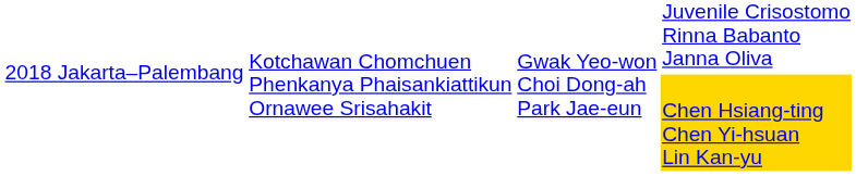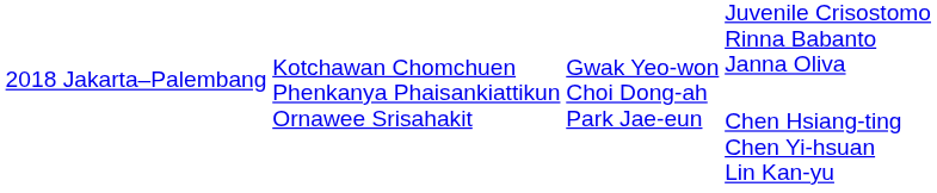 <table>
 <tr>
 <td rowspan=2><a href='#'>2018 Jakarta–Palembang</a></td>
 <td rowspan=2><br><a href='#'>Kotchawan Chomchuen</a><br><a href='#'>Phenkanya Phaisankiattikun</a><br><a href='#'>Ornawee Srisahakit</a></td>
 <td rowspan=2><br><a href='#'>Gwak Yeo-won</a><br><a href='#'>Choi Dong-ah</a><br><a href='#'>Park Jae-eun</a></td>
 <td><br><a href='#'>Juvenile Crisostomo</a><br><a href='#'>Rinna Babanto</a><br><a href='#'>Janna Oliva</a></td>
 </tr>
 <tr>
-<td style="background: gold;"><br><a href='#'>Chen Hsiang-ting</a><br><a href='#'>Chen Yi-hsuan</a><br><a href='#'>Lin Kan-yu</a></td>
+<td><br><a href='#'>Chen Hsiang-ting</a><br><a href='#'>Chen Yi-hsuan</a><br><a href='#'>Lin Kan-yu</a></td>
 </tr>
 </table>
